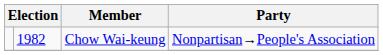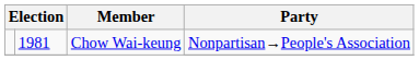 <table class="wikitable">
 <tr>
 <th colspan="2">Election</th>
 <th>Member</th>
 <th>Party</th>
 </tr>
 <tr>
 <td style="color:inherit;background-color: "></td>
-<td><a href='#'>1982</a></td>
+<td><a href='#'>1981</a></td>
 <td rowspan=2><a href='#'>Chow Wai-keung</a></td>
 <td><a href='#'>Nonpartisan</a>→<a href='#'>People's Association</a></td>
 </tr>
 <tr>
 </tr>
 </table>
